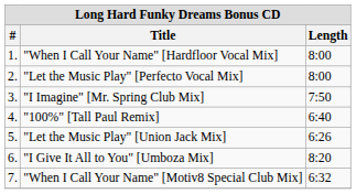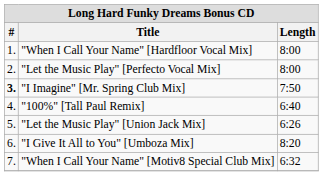 <table class="wikitable">
 <tr>
 <td colspan=3 bgcolor="#DDDDDD" align=center><strong>Long Hard Funky Dreams Bonus CD</strong></td>
 </tr>
 <tr>
 <th>#</th>
 <th>Title</th>
 <th>Length</th>
 </tr>
 <tr>
 <td>1.</td>
 <td>"When I Call Your Name" [Hardfloor Vocal Mix]</td>
 <td>8:00</td>
 </tr>
 <tr>
 <td>2.</td>
 <td>"Let the Music Play" [Perfecto Vocal Mix]</td>
 <td>8:00</td>
 </tr>
 <tr>
-<td>3.</td>
+<td><strong>3.</strong></td>
 <td>"I Imagine" [Mr. Spring Club Mix]</td>
 <td>7:50</td>
 </tr>
 <tr>
 <td>4.</td>
 <td>"100%" [Tall Paul Remix]</td>
 <td>6:40</td>
 </tr>
 <tr>
 <td>5.</td>
 <td>"Let the Music Play" [Union Jack Mix]</td>
 <td>6:26</td>
 </tr>
 <tr>
 <td>6.</td>
 <td>"I Give It All to You" [Umboza Mix]</td>
 <td>8:20</td>
 </tr>
 <tr>
 <td>7.</td>
 <td>"When I Call Your Name" [Motiv8 Special Club Mix]</td>
 <td>6:32</td>
 </tr>
 <tr>
 </tr>
 </table>
